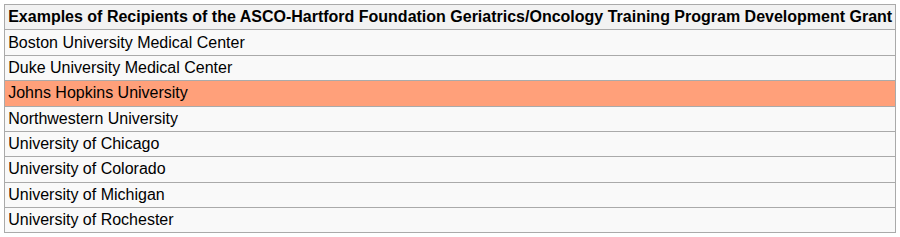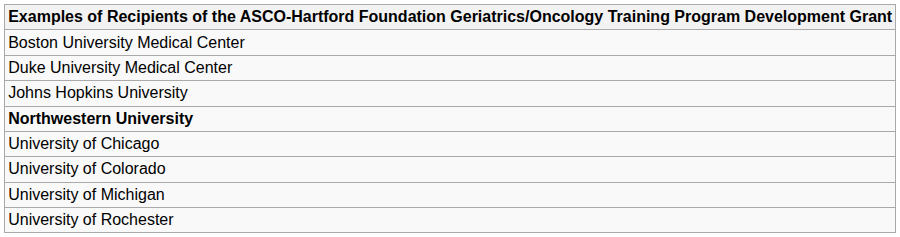 <table class="wikitable">
 <tr>
 <th>Examples of Recipients of the ASCO-Hartford Foundation Geriatrics/Oncology Training Program Development Grant</th>
 </tr>
 <tr>
 <td>Boston University Medical Center</td>
 </tr>
 <tr>
 <td>Duke University Medical Center</td>
 </tr>
 <tr>
-<td style="background: lightsalmon;">Johns Hopkins University</td>
+<td>Johns Hopkins University</td>
 </tr>
 <tr>
-<td>Northwestern University</td>
+<td><strong>Northwestern University</strong></td>
 </tr>
 <tr>
 <td>University of Chicago</td>
 </tr>
 <tr>
 <td>University of Colorado</td>
 </tr>
 <tr>
 <td>University of Michigan</td>
 </tr>
 <tr>
 <td>University of Rochester</td>
 </tr>
 <tr>
 </tr>
 </table>
